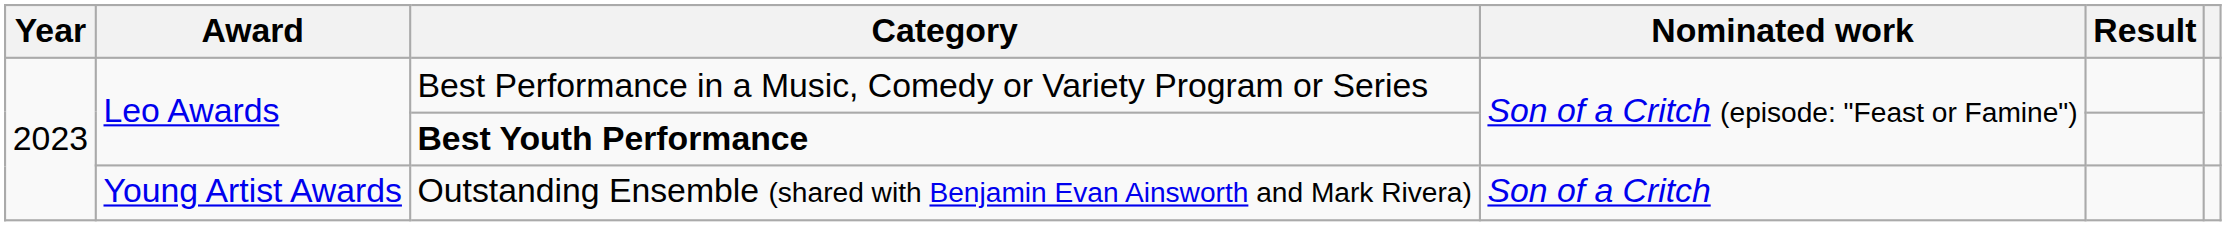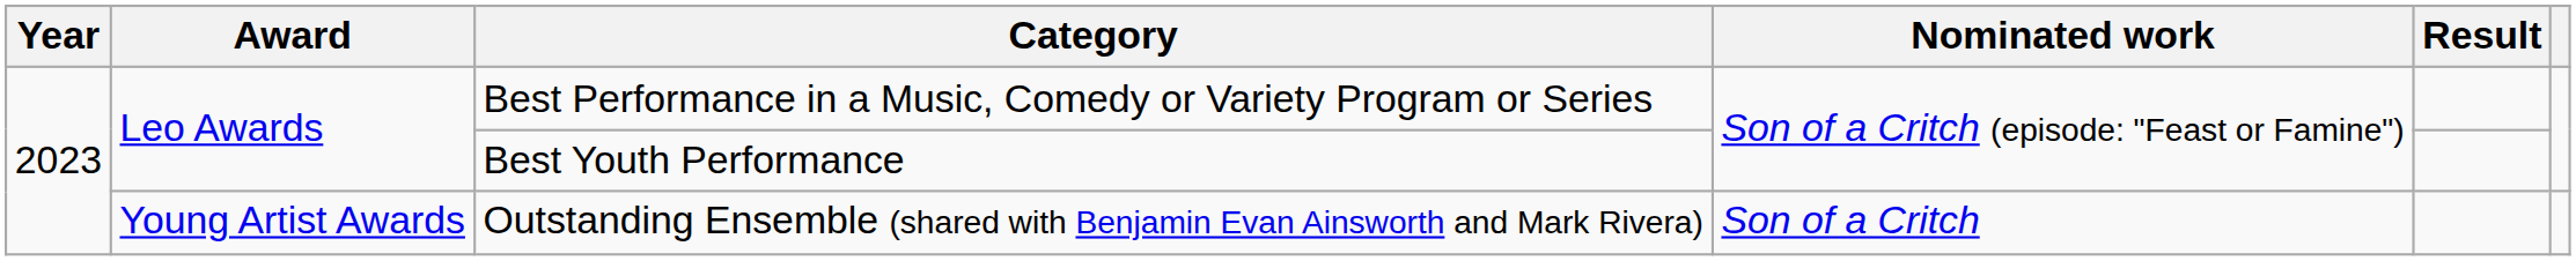 <table class="wikitable"">
 <tr>
 <th>Year</th>
 <th>Award</th>
 <th>Category</th>
 <th>Nominated work</th>
 <th>Result</th>
 <th></th>
 </tr>
 <tr>
 <td rowspan="3">2023</td>
 <td rowspan="2"><a href='#'>Leo Awards</a></td>
 <td>Best Performance in a Music, Comedy or Variety Program or Series</td>
 <td rowspan="2"><em><a href='#'>Son of a Critch</a></em> <small> (episode: "Feast or Famine")</small></td>
 <td></td>
 <td rowspan="2"></td>
 </tr>
 <tr>
-<td><strong>Best Youth Performance</strong></td>
+<td>Best Youth Performance</td>
 <td></td>
 </tr>
 <tr>
 <td><a href='#'>Young Artist Awards</a></td>
 <td>Outstanding Ensemble <small>(shared with <a href='#'>Benjamin Evan Ainsworth</a> and Mark Rivera)</small></td>
 <td><em><a href='#'>Son of a Critch</a></em></td>
 <td></td>
 <td></td>
 </tr>
 </table>
